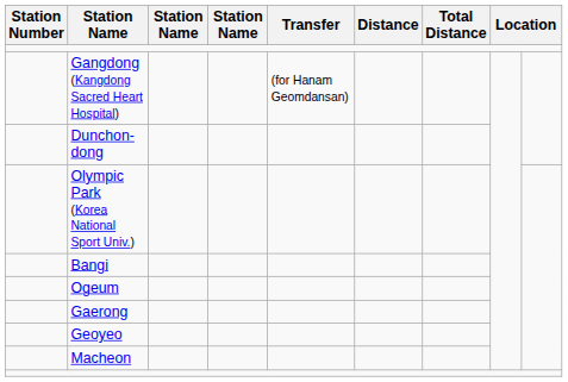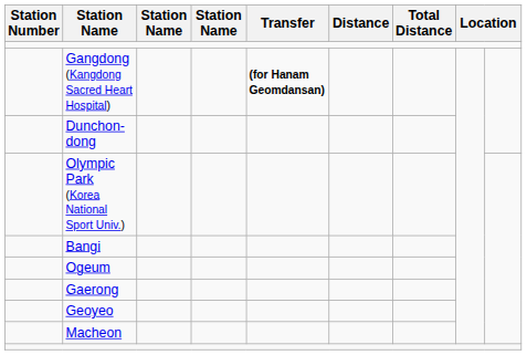 <table class="wikitable">
 <tr>
 <th>Station<br>Number</th>
 <th width = "250pt">Station Name<br></th>
 <th width = "150pt">Station Name<br></th>
 <th width = "150pt">Station Name<br></th>
 <th width = "150pt">Transfer</th>
 <th>Distance<br></th>
 <th>Total<br>Distance</th>
 <th colspan = "2">Location</th>
 </tr>
 <tr style="background:#">
 <td colspan = "10"></td>
 </tr>
 <tr>
 <td></td>
 <td><a href='#'>Gangdong</a> <br><small>(<a href='#'>Kangdong Sacred Heart Hospital</a>)</small></td>
 <td></td>
 <td></td>
-<td> <small>(for Hanam Geomdansan)</small></td>
+<td><strong> <small>(for Hanam Geomdansan)</small></strong></td>
 <td></td>
 <td></td>
 <td rowspan = "8" width = "75pt"></td>
 <td rowspan = "2" width = "100pt"></td>
 </tr>
 <tr>
 <td></td>
 <td><a href='#'>Dunchon-dong</a></td>
 <td></td>
 <td></td>
 <td></td>
 <td></td>
 <td></td>
 </tr>
 <tr>
 <td></td>
 <td><a href='#'>Olympic Park</a> <br><small>(<a href='#'>Korea National Sport Univ.</a>)</small></td>
 <td></td>
 <td></td>
 <td></td>
 <td></td>
 <td></td>
 <td rowspan = "6"></td>
 </tr>
 <tr>
 <td></td>
 <td><a href='#'>Bangi</a></td>
 <td></td>
 <td></td>
 <td></td>
 <td></td>
 <td></td>
 </tr>
 <tr>
 <td></td>
 <td><a href='#'>Ogeum</a></td>
 <td></td>
 <td></td>
 <td></td>
 <td></td>
 <td></td>
 </tr>
 <tr>
 <td></td>
 <td><a href='#'>Gaerong</a></td>
 <td></td>
 <td></td>
 <td></td>
 <td></td>
 <td></td>
 </tr>
 <tr>
 <td></td>
 <td><a href='#'>Geoyeo</a></td>
 <td></td>
 <td></td>
 <td></td>
 <td></td>
 <td></td>
 </tr>
 <tr>
 <td></td>
 <td><a href='#'>Macheon</a></td>
 <td></td>
 <td></td>
 <td></td>
 <td></td>
 <td></td>
 </tr>
 <tr style="background:#">
 <td colspan = "10"></td>
 </tr>
 </table>
